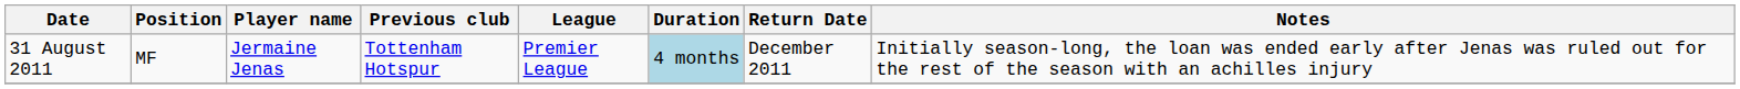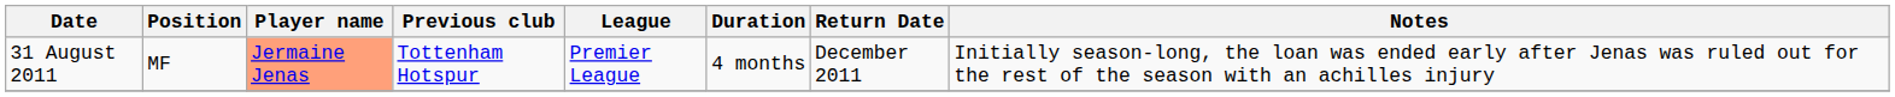 <table class="wikitable">
 <tr>
 <th>Date</th>
 <th>Position</th>
 <th>Player name</th>
 <th>Previous club</th>
 <th>League</th>
 <th>Duration</th>
 <th>Return Date</th>
 <th>Notes</th>
 </tr>
 <tr>
 <td>31 August 2011</td>
 <td>MF</td>
-<td> <a href='#'>Jermaine Jenas</a></td>
+<td style="background: lightsalmon;"> <a href='#'>Jermaine Jenas</a></td>
 <td> <a href='#'>Tottenham Hotspur</a></td>
 <td> <a href='#'>Premier League</a></td>
-<td style="background: lightblue;">4 months</td>
+<td>4 months</td>
 <td>December 2011</td>
 <td>Initially season-long, the loan was ended early after Jenas was ruled out for the rest of the season with an achilles injury</td>
 </tr>
 <tr>
 </tr>
 </table>
